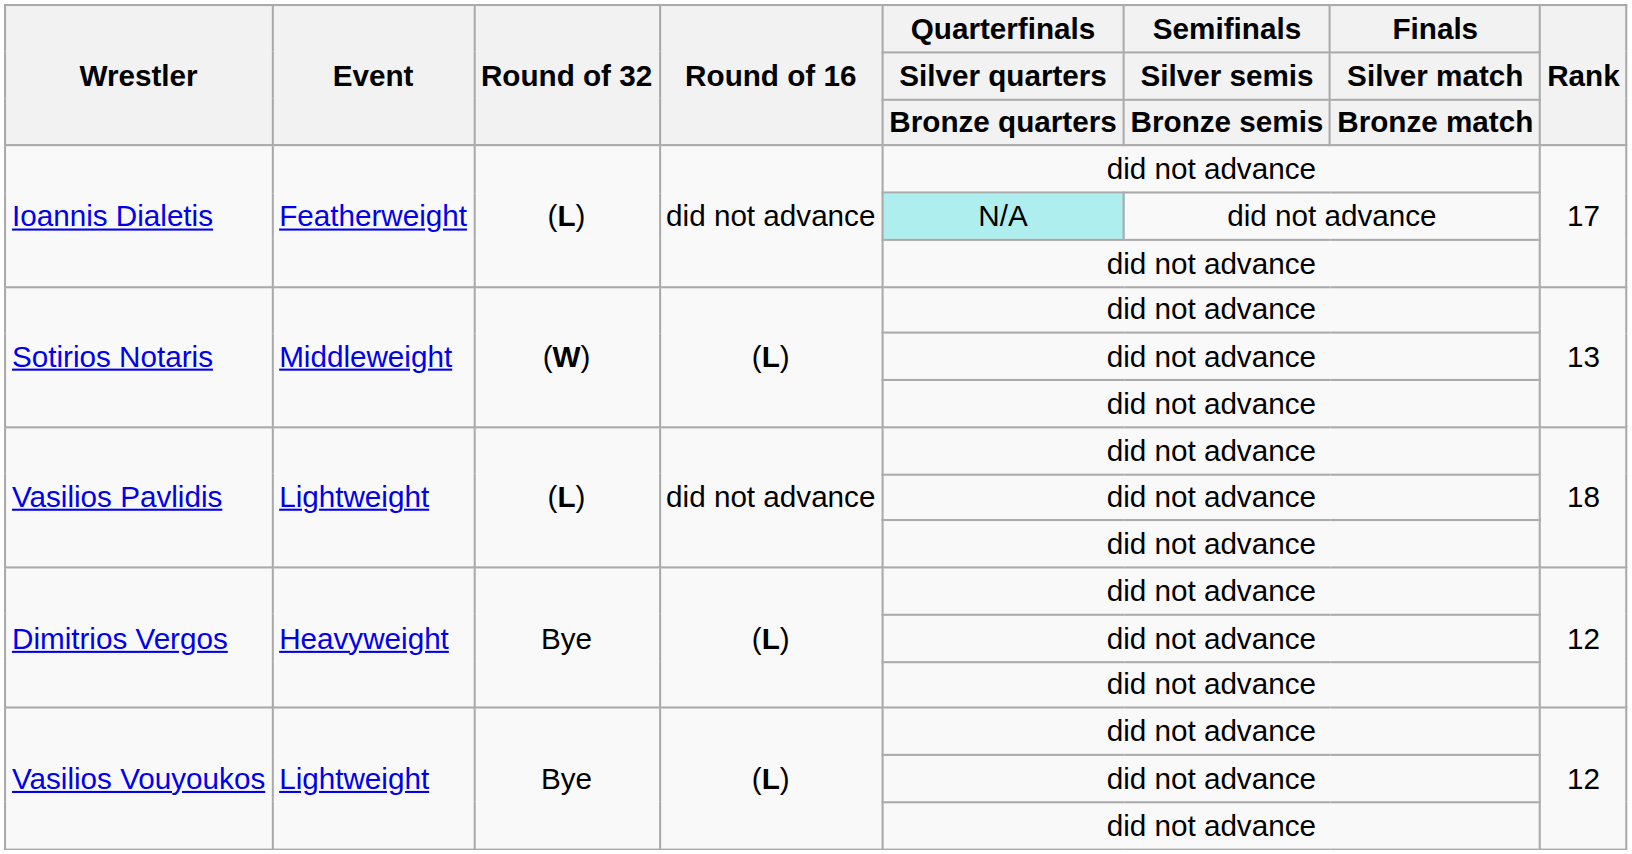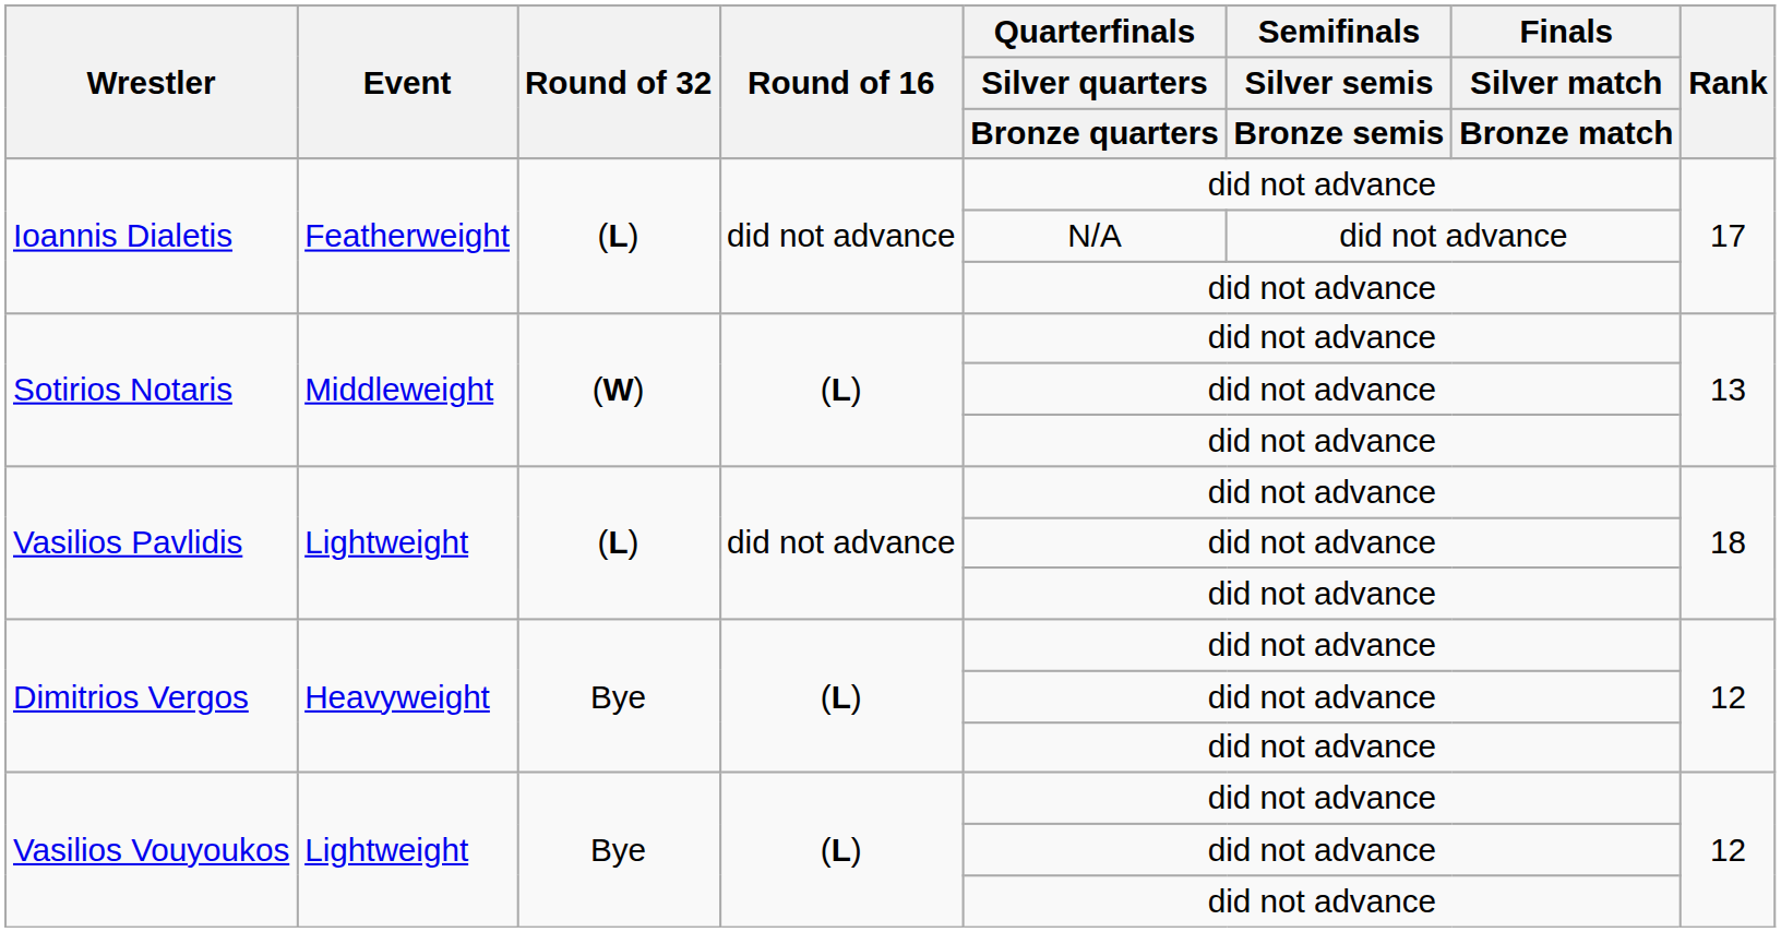 <table class=wikitable style="font-size:90%">
 <tr>
 <th rowspan=3>Wrestler</th>
 <th rowspan=3>Event</th>
 <th rowspan=3>Round of 32</th>
 <th rowspan=3>Round of 16</th>
 <th>Quarterfinals</th>
 <th>Semifinals</th>
 <th>Finals</th>
 <th rowspan=3>Rank</th>
 </tr>
 <tr>
 <th>Silver quarters</th>
 <th>Silver semis</th>
 <th>Silver match</th>
 </tr>
 <tr>
 <th>Bronze quarters</th>
 <th>Bronze semis</th>
 <th>Bronze match</th>
 </tr>
 <tr>
 <td rowspan=3><a href='#'>Ioannis Dialetis</a></td>
 <td rowspan=3><a href='#'>Featherweight</a></td>
 <td align=center rowspan=3> (<strong>L</strong>)</td>
 <td align=center rowspan=3>did not advance</td>
 <td align=center colspan=3>did not advance</td>
 <td align=center rowspan=3>17</td>
 </tr>
 <tr>
-<td align=center style="background: paleturquoise;">N/A</td>
+<td align=center>N/A</td>
 <td align=center colspan=2>did not advance</td>
 </tr>
 <tr>
 <td align=center colspan=3>did not advance</td>
 </tr>
 <tr>
 <td rowspan=3><a href='#'>Sotirios Notaris</a></td>
 <td rowspan=3><a href='#'>Middleweight</a></td>
 <td align=center rowspan=3> (<strong>W</strong>)</td>
 <td align=center rowspan=3> (<strong>L</strong>)</td>
 <td align=center colspan=3>did not advance</td>
 <td align=center rowspan=3>13</td>
 </tr>
 <tr>
 <td align=center colspan=3>did not advance</td>
 </tr>
 <tr>
 <td align=center colspan=3>did not advance</td>
 </tr>
 <tr>
 <td rowspan=3><a href='#'>Vasilios Pavlidis</a></td>
 <td rowspan=3><a href='#'>Lightweight</a></td>
 <td align=center rowspan=3> (<strong>L</strong>)</td>
 <td align=center rowspan=3>did not advance</td>
 <td align=center colspan=3>did not advance</td>
 <td align=center rowspan=3>18</td>
 </tr>
 <tr>
 <td align=center colspan=3>did not advance</td>
 </tr>
 <tr>
 <td align=center colspan=3>did not advance</td>
 </tr>
 <tr>
 <td rowspan=3><a href='#'>Dimitrios Vergos</a></td>
 <td rowspan=3><a href='#'>Heavyweight</a></td>
 <td align=center rowspan=3>Bye</td>
 <td align=center rowspan=3> (<strong>L</strong>)</td>
 <td align=center colspan=3>did not advance</td>
 <td align=center rowspan=3>12</td>
 </tr>
 <tr>
 <td align=center colspan=3>did not advance</td>
 </tr>
 <tr>
 <td align=center colspan=3>did not advance</td>
 </tr>
 <tr>
 <td rowspan=3><a href='#'>Vasilios Vouyoukos</a></td>
 <td rowspan=3><a href='#'>Lightweight</a></td>
 <td align=center rowspan=3>Bye</td>
 <td align=center rowspan=3> (<strong>L</strong>)</td>
 <td align=center colspan=3>did not advance</td>
 <td align=center rowspan=3>12</td>
 </tr>
 <tr>
 <td align=center colspan=3>did not advance</td>
 </tr>
 <tr>
 <td align=center colspan=3>did not advance</td>
 </tr>
 </table>
